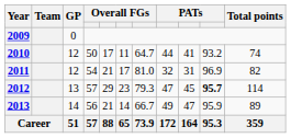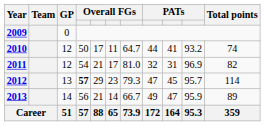 <table class="wikitable" style="text-align:center;">
 <tr>
 <th rowspan="2">Year</th>
 <th rowspan="2">Team</th>
 <th rowspan="2">GP</th>
 <th colspan="4">Overall FGs</th>
 <th colspan="3">PATs</th>
 <th rowspan="2">Total points</th>
 </tr>
 <tr>
 <th></th>
 <th></th>
 <th></th>
 <th></th>
 <th></th>
 <th></th>
 <th></th>
 </tr>
 <tr>
 <th><a href='#'>2009</a></th>
 <th><a href='#'></a></th>
 <td>0</td>
 <td colspan="8"></td>
 </tr>
 <tr>
 <th><a href='#'>2010</a></th>
 <th><a href='#'></a></th>
 <td>12</td>
 <td>50</td>
 <td>17</td>
 <td>11</td>
 <td>64.7</td>
 <td>44</td>
 <td>41</td>
 <td>93.2</td>
 <td>74</td>
 </tr>
 <tr>
 <th><a href='#'>2011</a></th>
 <th><a href='#'></a></th>
 <td>12</td>
 <td>54</td>
 <td>21</td>
 <td>17</td>
 <td>81.0</td>
 <td>32</td>
 <td>31</td>
 <td>96.9</td>
 <td>82</td>
 </tr>
 <tr>
 <th><a href='#'>2012</a></th>
 <th><a href='#'></a></th>
 <td>13</td>
-<td>57</td>
+<td><strong>57</strong></td>
 <td>29</td>
 <td>23</td>
 <td>79.3</td>
 <td>47</td>
 <td>45</td>
-<td><strong>95.7</strong></td>
+<td>95.7</td>
 <td>114</td>
 </tr>
 <tr>
 <th><a href='#'>2013</a></th>
 <th><a href='#'></a></th>
 <td>14</td>
 <td>56</td>
 <td>21</td>
 <td>14</td>
 <td>66.7</td>
 <td>49</td>
 <td>47</td>
 <td>95.9</td>
 <td>89</td>
 </tr>
 <tr>
 <th colspan="2">Career</th>
 <th>51</th>
 <th>57</th>
 <th>88</th>
 <th>65</th>
 <th>73.9</th>
 <th>172</th>
 <th>164</th>
 <th>95.3</th>
 <th>359</th>
 </tr>
 </table>
